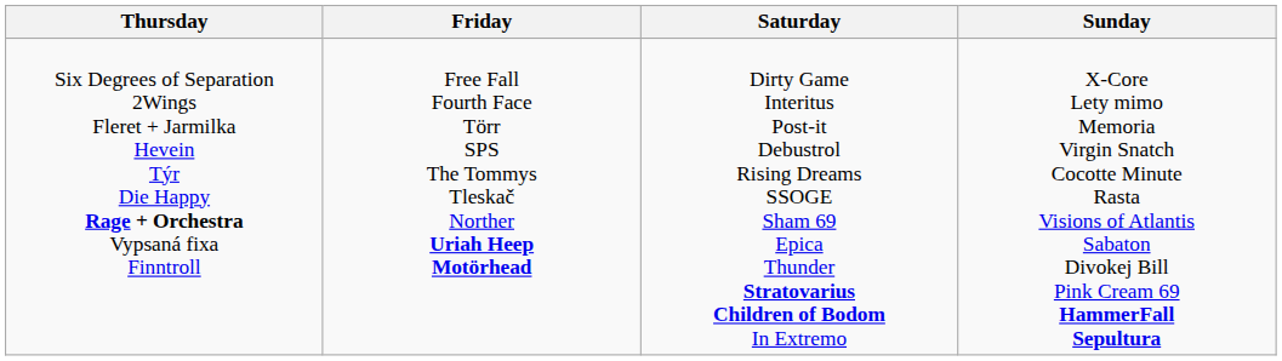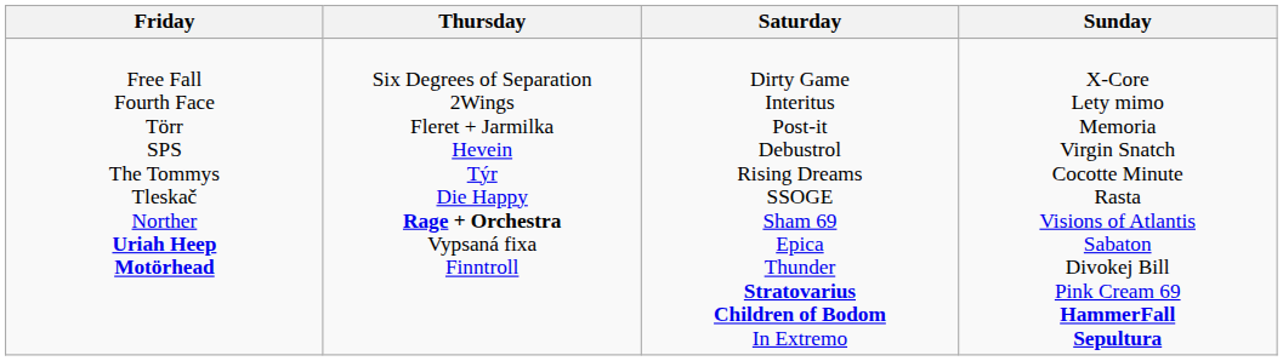 <table class="wikitable">
 <tr>
+<th>Friday</th>
 <th>Thursday</th>
-<th>Friday</th>
 <th>Saturday</th>
 <th>Sunday</th>
 </tr>
 <tr>
+<td valign="top" align="center" width=235><br>Free Fall <br> Fourth Face <br> Törr <br> SPS <br> The Tommys <br> Tleskač <br> <a href='#'>Norther</a><br> <strong><a href='#'>Uriah Heep</a></strong><br> <strong><a href='#'>Motörhead</a></strong><br></td>
 <td valign="top" align="center" width=235><br>Six Degrees of Separation<br> 2Wings<br> Fleret + Jarmilka<br> <a href='#'>Hevein</a><br> <a href='#'>Týr</a><br> <a href='#'>Die Happy</a><br> <strong><a href='#'>Rage</a> + Orchestra</strong><br> Vypsaná fixa<br> <a href='#'>Finntroll</a></td>
-<td valign="top" align="center" width=235><br>Free Fall <br> Fourth Face <br> Törr <br> SPS <br> The Tommys <br> Tleskač <br> <a href='#'>Norther</a><br> <strong><a href='#'>Uriah Heep</a></strong><br> <strong><a href='#'>Motörhead</a></strong><br></td>
 <td valign="top" align="center" width=235><br>Dirty Game<br> Interitus<br> Post-it<br> Debustrol<br> Rising Dreams <br> SSOGE<br> <a href='#'>Sham 69</a><br> <a href='#'>Epica</a><br> <a href='#'>Thunder</a><br> <strong><a href='#'>Stratovarius</a><br></strong> <strong><a href='#'>Children of Bodom</a><br></strong> <a href='#'>In Extremo</a><br></td>
 <td valign="top" align="center" width=235><br>X-Core<br> Lety mimo<br> Memoria<br> Virgin Snatch<br> Cocotte Minute<br> Rasta<br> <a href='#'>Visions of Atlantis</a><br> <a href='#'>Sabaton</a><br> Divokej Bill<br> <a href='#'>Pink Cream 69</a><br> <strong><a href='#'>HammerFall</a></strong><br> <strong><a href='#'>Sepultura</a></strong><br></td>
 </tr>
 </table>
